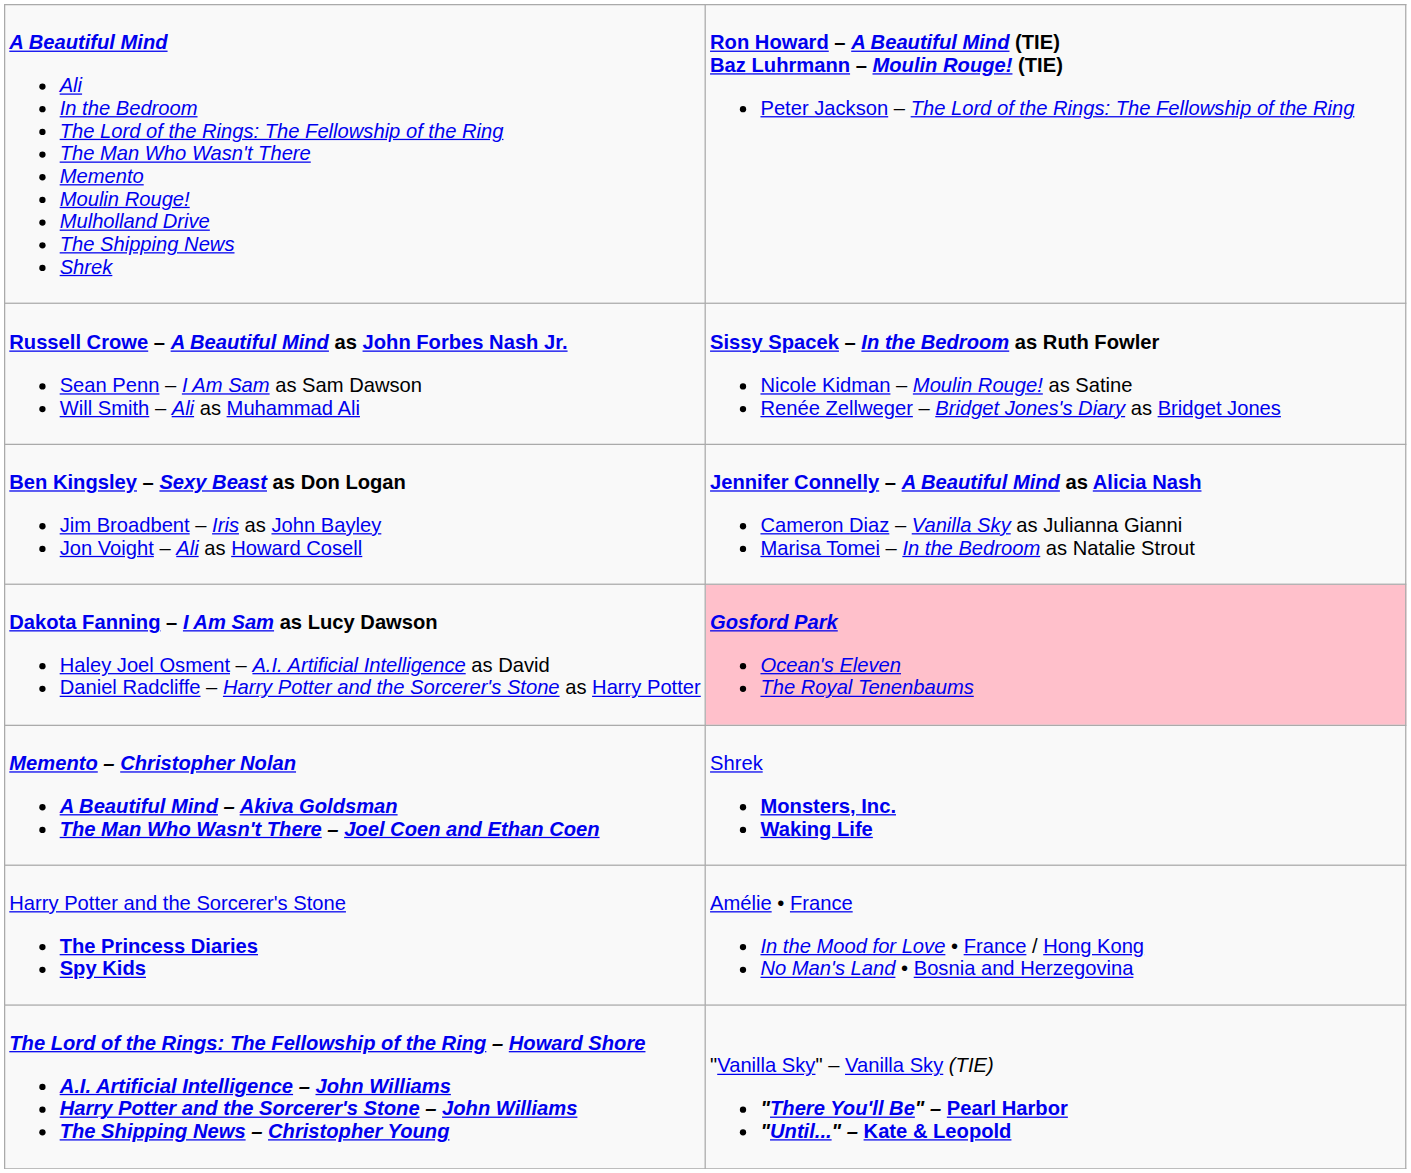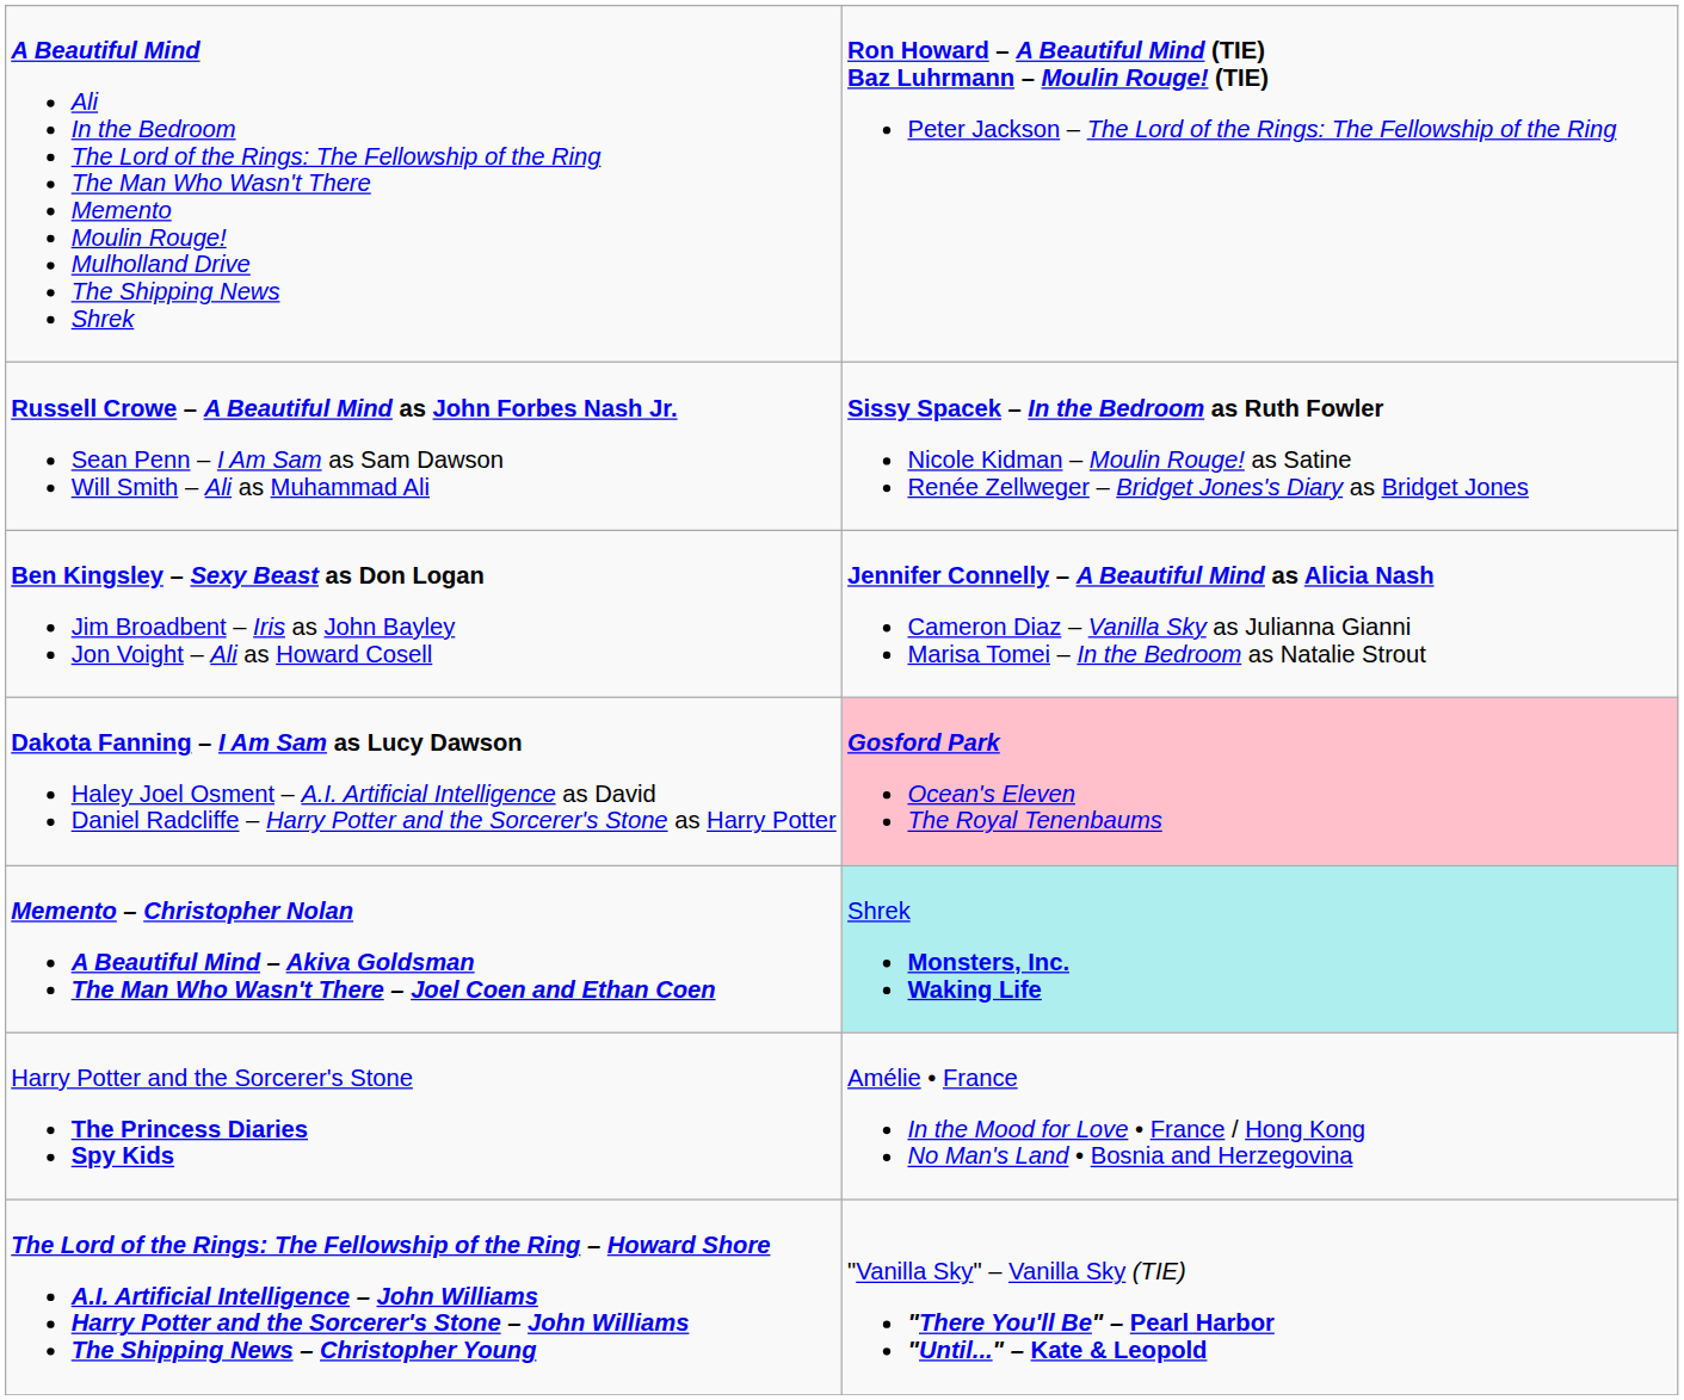 <table class=wikitable>
 <tr>
 <td valign="top" width="50%"><br><strong><em><a href='#'>A Beautiful Mind</a></em></strong><ul><li><em><a href='#'>Ali</a></em></li><li><em><a href='#'>In the Bedroom</a></em></li><li><em><a href='#'>The Lord of the Rings: The Fellowship of the Ring</a></em></li><li><em><a href='#'>The Man Who Wasn't There</a></em></li><li><em><a href='#'>Memento</a></em></li><li><em><a href='#'>Moulin Rouge!</a></em></li><li><em><a href='#'>Mulholland Drive</a></em></li><li><em><a href='#'>The Shipping News</a></em></li><li><em><a href='#'>Shrek</a></em></li></ul></td>
 <td valign="top" width="50%"><br><strong><a href='#'>Ron Howard</a> – <em><a href='#'>A Beautiful Mind</a></em> (TIE) <br> <a href='#'>Baz Luhrmann</a> – <em><a href='#'>Moulin Rouge!</a></em> (TIE)</strong><ul><li><a href='#'>Peter Jackson</a> – <em><a href='#'>The Lord of the Rings: The Fellowship of the Ring</a></em></li></ul></td>
 </tr>
 <tr>
 <td valign="top" width="50%"><br><strong><a href='#'>Russell Crowe</a> – <em><a href='#'>A Beautiful Mind</a></em> as <a href='#'>John Forbes Nash Jr.</a></strong><ul><li><a href='#'>Sean Penn</a> – <em><a href='#'>I Am Sam</a></em> as Sam Dawson</li><li><a href='#'>Will Smith</a> – <em><a href='#'>Ali</a></em> as <a href='#'>Muhammad Ali</a></li></ul></td>
 <td valign="top" width="50%"><br><strong><a href='#'>Sissy Spacek</a> – <em><a href='#'>In the Bedroom</a></em> as Ruth Fowler</strong><ul><li><a href='#'>Nicole Kidman</a> – <em><a href='#'>Moulin Rouge!</a></em> as Satine</li><li><a href='#'>Renée Zellweger</a> – <em><a href='#'>Bridget Jones's Diary</a></em> as <a href='#'>Bridget Jones</a></li></ul></td>
 </tr>
 <tr>
 <td valign="top" width="50%"><br><strong><a href='#'>Ben Kingsley</a> – <em><a href='#'>Sexy Beast</a></em> as Don Logan</strong><ul><li><a href='#'>Jim Broadbent</a> – <em><a href='#'>Iris</a></em> as <a href='#'>John Bayley</a></li><li><a href='#'>Jon Voight</a> – <em><a href='#'>Ali</a></em> as <a href='#'>Howard Cosell</a></li></ul></td>
 <td valign="top" width="50%"><br><strong><a href='#'>Jennifer Connelly</a> – <em><a href='#'>A Beautiful Mind</a></em> as <a href='#'>Alicia Nash</a></strong><ul><li><a href='#'>Cameron Diaz</a> – <em><a href='#'>Vanilla Sky</a></em> as Julianna Gianni</li><li><a href='#'>Marisa Tomei</a> – <em><a href='#'>In the Bedroom</a></em> as Natalie Strout</li></ul></td>
 </tr>
 <tr>
 <td valign="top" width="50%"><br><strong><a href='#'>Dakota Fanning</a> – <em><a href='#'>I Am Sam</a></em> as Lucy Dawson</strong><ul><li><a href='#'>Haley Joel Osment</a> – <em><a href='#'>A.I. Artificial Intelligence</a></em> as David</li><li><a href='#'>Daniel Radcliffe</a> – <em><a href='#'>Harry Potter and the Sorcerer's Stone</a></em> as <a href='#'>Harry Potter</a></li></ul></td>
 <td valign="top" width="50%" style="background: pink;"><br><strong><em><a href='#'>Gosford Park</a></em></strong><ul><li><em><a href='#'>Ocean's Eleven</a></em></li><li><em><a href='#'>The Royal Tenenbaums</a></em></li></ul></td>
 </tr>
 <tr>
 <td valign="top" width="50%"><br><strong><em><a href='#'>Memento</a><em> – <a href='#'>Christopher Nolan</a><strong><ul><li></em><a href='#'>A Beautiful Mind</a><em> – <a href='#'>Akiva Goldsman</a></li><li></em><a href='#'>The Man Who Wasn't There</a><em> – <a href='#'>Joel Coen and Ethan Coen</a></li></ul></td>
-<td valign="top" width="50%"><br></em></strong><a href='#'>Shrek</a><strong><em><ul><li></em><a href='#'>Monsters, Inc.</a><em></li><li></em><a href='#'>Waking Life</a><em></li></ul></td>
+<td valign="top" width="50%" style="background: paleturquoise;"><br></em></strong><a href='#'>Shrek</a><strong><em><ul><li></em><a href='#'>Monsters, Inc.</a><em></li><li></em><a href='#'>Waking Life</a><em></li></ul></td>
 </tr>
 <tr>
 <td valign="top" width="50%"><br></em></strong><a href='#'>Harry Potter and the Sorcerer's Stone</a><strong><em><ul><li></em><a href='#'>The Princess Diaries</a><em></li><li></em><a href='#'>Spy Kids</a><em></li></ul></td>
 <td valign="top" width="50%"><br></em></strong><a href='#'>Amélie</a></em> • <a href='#'>France</a></strong><ul><li><em><a href='#'>In the Mood for Love</a></em> • <a href='#'>France</a> / <a href='#'>Hong Kong</a></li><li><em><a href='#'>No Man's Land</a></em> • <a href='#'>Bosnia and Herzegovina</a></li></ul></td>
 </tr>
 <tr>
 <td valign="top" width="50%"><br><strong><em><a href='#'>The Lord of the Rings: The Fellowship of the Ring</a><em> – <a href='#'>Howard Shore</a><strong><ul><li></em><a href='#'>A.I. Artificial Intelligence</a><em> – <a href='#'>John Williams</a></li><li></em><a href='#'>Harry Potter and the Sorcerer's Stone</a><em> – <a href='#'>John Williams</a></li><li></em><a href='#'>The Shipping News</a><em> – <a href='#'>Christopher Young</a></li></ul></td>
 <td valign="top" width="50%"><br></strong> <br> "<a href='#'>Vanilla Sky</a>" – </em><a href='#'>Vanilla Sky</a><em> (TIE)<strong><ul><li>"<a href='#'>There You'll Be</a>" – </em><a href='#'>Pearl Harbor</a><em></li><li>"<a href='#'>Until...</a>" – </em><a href='#'>Kate & Leopold</a><em></li></ul></td>
 </tr>
 </table>
